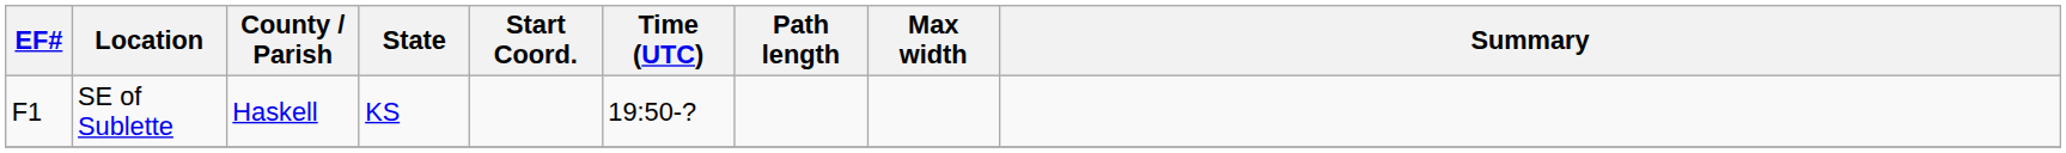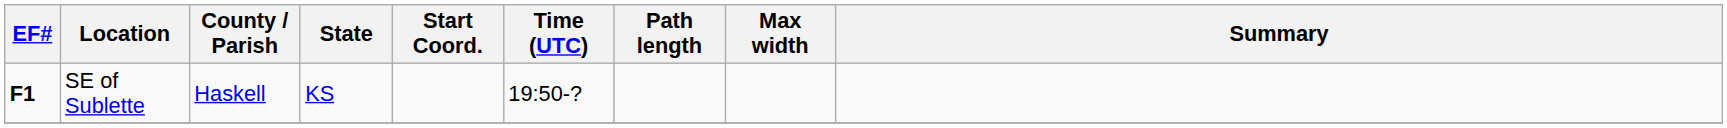 <table class="wikitable sortable" style="width:100%;">
 <tr>
 <th scope="col"  style="width:3%; text-align:center;"><a href='#'>EF#</a></th>
 <th scope="col"  style="width:7%; text-align:center;" class="unsortable">Location</th>
 <th scope="col"  style="width:6%; text-align:center;" class="unsortable">County / Parish</th>
 <th scope="col"  style="width:5%; text-align:center;">State</th>
 <th scope="col"  style="width:6%; text-align:center;">Start Coord.</th>
 <th scope="col"  style="width:6%; text-align:center;">Time (<a href='#'>UTC</a>)</th>
 <th scope="col"  style="width:6%; text-align:center;">Path length</th>
 <th scope="col"  style="width:6%; text-align:center;">Max width</th>
 <th scope="col" class="unsortable" style="width:48%; text-align:center;">Summary</th>
 </tr>
 <tr>
-<td bgcolor=>F1</td>
+<td bgcolor=><strong>F1</strong></td>
 <td>SE of <a href='#'>Sublette</a></td>
 <td><a href='#'>Haskell</a></td>
 <td><a href='#'>KS</a></td>
 <td></td>
 <td>19:50-?</td>
 <td></td>
 <td></td>
 <td></td>
 </tr>
 <tr>
 </tr>
 </table>
